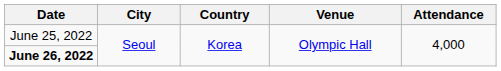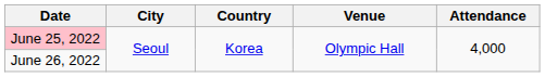 <table class="wikitable" style="text-align:center;">
 <tr>
 <th width="170">Date</th>
 <th width="140">City</th>
 <th width="140">Country</th>
 <th width="240">Venue</th>
 <th width="130">Attendance</th>
 </tr>
 <tr>
-<td>June 25, 2022</td>
+<td style="background: pink;">June 25, 2022</td>
 <td rowspan="2"><a href='#'>Seoul</a></td>
 <td rowspan="2"><a href='#'>Korea</a></td>
 <td rowspan="2"><a href='#'>Olympic Hall</a></td>
 <td rowspan="2">4,000</td>
 </tr>
 <tr>
-<td><strong>June 26, 2022</strong></td>
+<td>June 26, 2022</td>
 </tr>
 </table>
